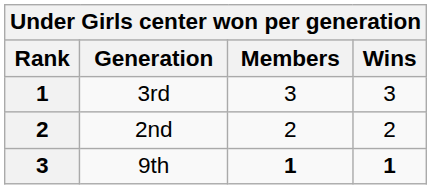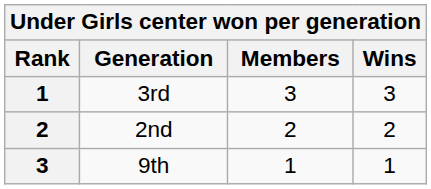 <table class="wikitable sortable plainrowheaders" style=text-align:center>
 <tr>
 <th colspan=4>Under Girls center won per generation</th>
 </tr>
 <tr>
 <th scope=col>Rank</th>
 <th scope=col>Generation</th>
 <th scope=col>Members</th>
 <th scope=col>Wins</th>
 </tr>
 <tr>
 <th scope=row style=text-align:center>1</th>
 <td>3rd</td>
 <td>3</td>
 <td>3</td>
 </tr>
 <tr>
 <th scope=row style=text-align:center>2</th>
 <td>2nd</td>
 <td>2</td>
 <td>2</td>
 </tr>
 <tr>
 <th scope=row style=text-align:center>3</th>
 <td>9th</td>
-<td><strong>1</strong></td>
-<td><strong>1</strong></td>
+<td>1</td>
+<td>1</td>
 </tr>
 </table>
